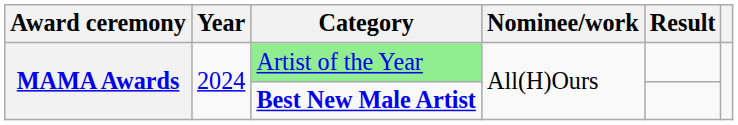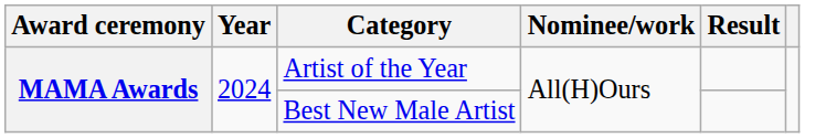 <table class="wikitable plainrowheaders">
 <tr>
 <th scope="col">Award ceremony</th>
 <th scope="col">Year</th>
 <th scope="col">Category</th>
 <th scope="col">Nominee/work</th>
 <th scope="col">Result</th>
 <th scope="col" class="unsortable"></th>
 </tr>
 <tr>
 <th scope="row" rowspan="2"><a href='#'>MAMA Awards</a></th>
 <td style="text-align:center" rowspan="2"><a href='#'>2024</a></td>
-<td style="background: lightgreen;"><a href='#'>Artist of the Year</a></td>
+<td><a href='#'>Artist of the Year</a></td>
 <td rowspan="2">All(H)Ours</td>
 <td></td>
 <td style="text-align:center" rowspan="2"></td>
 </tr>
 <tr>
-<td><strong><a href='#'>Best New Male Artist</a></strong></td>
+<td><a href='#'>Best New Male Artist</a></td>
 <td></td>
 </tr>
 </table>
